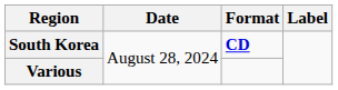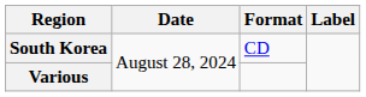 <table class="wikitable plainrowheaders">
 <tr>
 <th scope="col">Region</th>
 <th scope="col">Date</th>
 <th scope="col">Format</th>
 <th scope="col">Label</th>
 </tr>
 <tr>
 <th scope="row">South Korea</th>
 <td rowspan="2">August 28, 2024</td>
-<td><strong><a href='#'>CD</a></strong></td>
+<td><a href='#'>CD</a></td>
 <td rowspan="2"></td>
 </tr>
 <tr>
 <th scope="row">Various</th>
 <td></td>
 </tr>
 </table>
